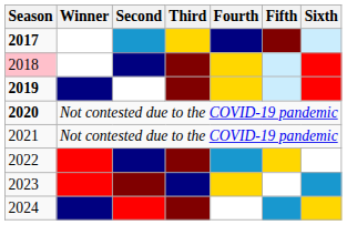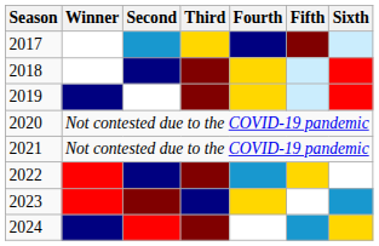 <table class="wikitable">
 <tr style="background:#efefef;">
 <th>Season</th>
 <th>Winner</th>
 <th>Second</th>
 <th>Third</th>
 <th>Fourth</th>
 <th>Fifth</th>
 <th>Sixth</th>
 </tr>
 <tr>
-<td><strong>2017</strong></td>
+<td>2017</td>
 <td bgcolor="White" div style="text-align: center;"></td>
 <td bgcolor=#1898cf div style="text-align: center;"></td>
 <td bgcolor="Gold" div style="text-align: center;"></td>
 <td bgcolor="Navy" div style="text-align: center;"></td>
 <td bgcolor="Maroon" div style="text-align: center;"></td>
 <td bgcolor="#CBEDFD" div style="text-align: center;"></td>
 </tr>
 <tr>
-<td style="background: pink;">2018</td>
+<td>2018</td>
 <td bgcolor="White" div style="text-align: center;"></td>
 <td bgcolor="Navy" div style="text-align: center;"></td>
 <td bgcolor="Maroon" div style="text-align: center;"></td>
 <td bgcolor="Gold" div style="text-align: center;"></td>
 <td bgcolor="#CBEDFD" div style="text-align: center;"></td>
 <td bgcolor="Red" div style="text-align:center;"></td>
 </tr>
 <tr>
-<td><strong>2019</strong></td>
+<td>2019</td>
 <td bgcolor="Navy" div style="text-align: center;"></td>
 <td bgcolor="White" div style="text-align: center;"></td>
 <td bgcolor="Maroon" div style="text-align: center;"></td>
 <td bgcolor="Gold" div style="text-align: center;"></td>
 <td bgcolor="#CBEDFD" div style="text-align: center;"></td>
 <td bgcolor="Red" div style="text-align:center;"></td>
 </tr>
 <tr>
-<td><strong>2020</strong></td>
+<td>2020</td>
 <td align=left colspan="6"><em>Not contested due to the <a href='#'>COVID-19 pandemic</a></em></td>
 </tr>
 <tr>
 <td>2021</td>
 <td align=left colspan="6"><em>Not contested due to the <a href='#'>COVID-19 pandemic</a></em></td>
 </tr>
 <tr>
 <td>2022</td>
 <td bgcolor="Red" div style="text-align: center;"></td>
 <td bgcolor="Navy" div style="text-align: center;"></td>
 <td bgcolor="Maroon" div style="text-align: center;"></td>
 <td bgcolor=#1898cf div style="text-align: center;"></td>
 <td bgcolor="Gold" div style="text-align: center;"></td>
 <td bgcolor="White" div style="text-align: center;"></td>
 </tr>
 <tr>
 <td>2023</td>
 <td bgcolor="Red" div style="text-align: center;"></td>
 <td bgcolor="Maroon" div style="text-align: center;"></td>
 <td bgcolor="Navy" div style="text-align: center;"></td>
 <td bgcolor="Gold" div style="text-align: center;"></td>
 <td bgcolor="White" div style="text-align: center;"></td>
 <td bgcolor=#1898cf div style="text-align: center;"></td>
 </tr>
 <tr>
 <td>2024</td>
 <td bgcolor="Navy" div style="text-align: center;"></td>
 <td bgcolor="Red" div style="text-align: center;"></td>
 <td bgcolor="Maroon" div style="text-align: center;"></td>
 <td bgcolor="White" div style="text-align: center;"></td>
 <td bgcolor=#1898cf div style="text-align: center;"></td>
 <td bgcolor="Gold" div style="text-align: center;"></td>
 </tr>
 </table>
